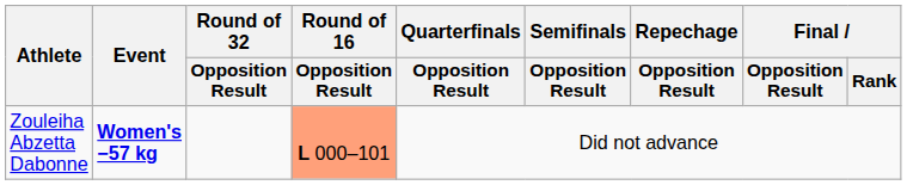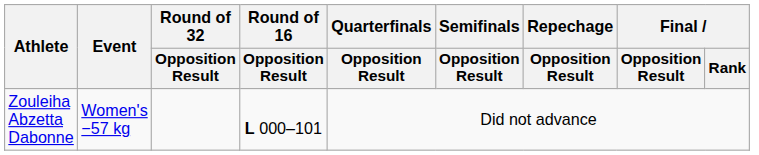 <table class="wikitable" style="font-size:90%">
 <tr>
 <th rowspan="2">Athlete</th>
 <th rowspan="2">Event</th>
 <th>Round of 32</th>
 <th>Round of 16</th>
 <th>Quarterfinals</th>
 <th>Semifinals</th>
 <th>Repechage</th>
 <th colspan=2>Final / </th>
 </tr>
 <tr style="font-size:95%">
 <th>Opposition<br>Result</th>
 <th>Opposition<br>Result</th>
 <th>Opposition<br>Result</th>
 <th>Opposition<br>Result</th>
 <th>Opposition<br>Result</th>
 <th>Opposition<br>Result</th>
 <th>Rank</th>
 </tr>
 <tr align=center>
 <td align=left><a href='#'>Zouleiha Abzetta Dabonne</a></td>
-<td align=left><strong><a href='#'>Women's −57 kg</a></strong></td>
+<td align=left><a href='#'>Women's −57 kg</a></td>
 <td></td>
-<td style="background: lightsalmon;"><br><strong>L</strong> 000–101</td>
+<td><br><strong>L</strong> 000–101</td>
 <td colspan=5>Did not advance</td>
 </tr>
 </table>
